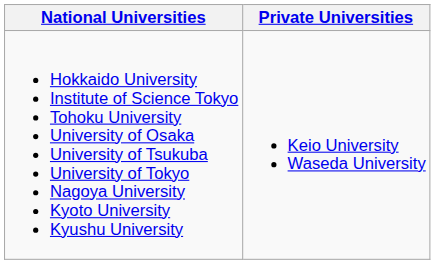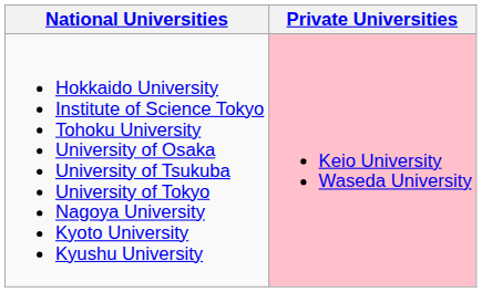 <table class="wikitable">
 <tr>
 <th><a href='#'>National Universities</a></th>
 <th><a href='#'>Private Universities</a></th>
 </tr>
 <tr>
 <td><br><ul><li><a href='#'>Hokkaido University</a></li><li><a href='#'>Institute of Science Tokyo</a></li><li><a href='#'>Tohoku University</a></li><li><a href='#'>University of Osaka</a></li><li><a href='#'>University of Tsukuba</a></li><li><a href='#'>University of Tokyo</a></li><li><a href='#'>Nagoya University</a></li><li><a href='#'>Kyoto University</a></li><li><a href='#'>Kyushu University</a></li></ul></td>
-<td><br><ul><li><a href='#'>Keio University</a></li><li><a href='#'>Waseda University</a></li></ul></td>
+<td style="background: pink;"><br><ul><li><a href='#'>Keio University</a></li><li><a href='#'>Waseda University</a></li></ul></td>
 </tr>
 </table>
